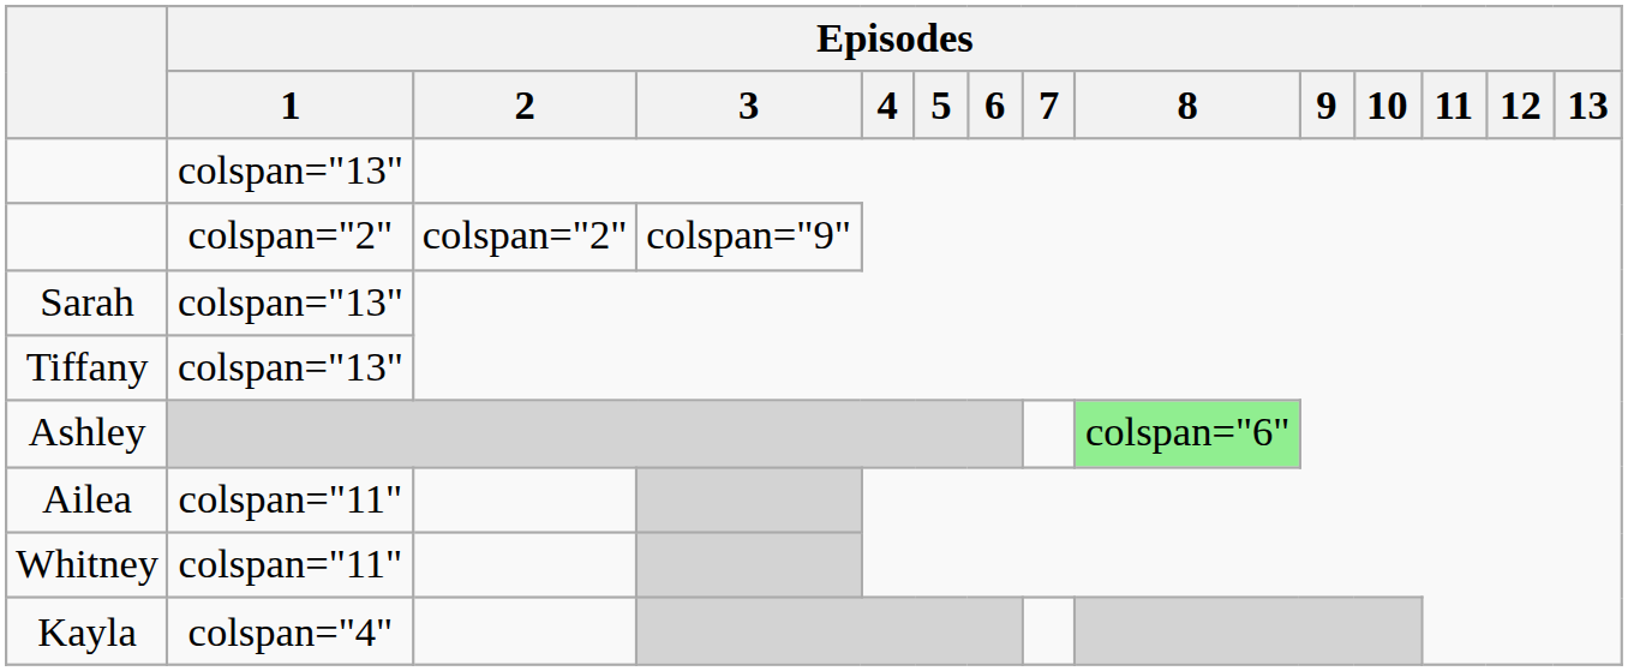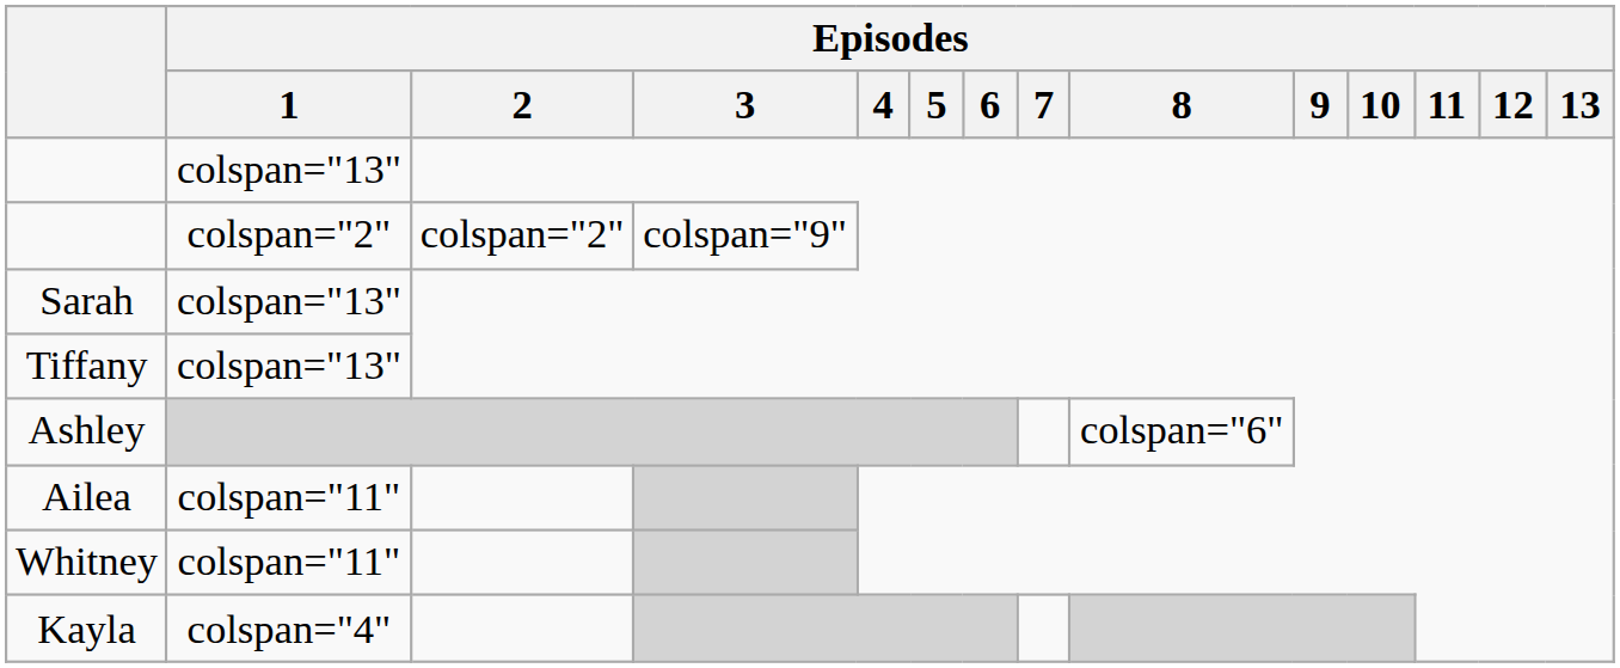 <table class="wikitable plainrowheaders" style="text-align:center; width:100%;">
 <tr>
 <th scope="col" rowspan="2" style="width:5%;"></th>
 <th scope="col" colspan="13">Episodes</th>
 </tr>
 <tr>
 <th scope="col" style="width:5%;">1</th>
 <th scope="col" style="width:5%;">2</th>
 <th scope="col" style="width:5%;">3</th>
 <th scope="col" style="width:5%;">4</th>
 <th scope="col" style="width:5%;">5</th>
 <th scope="col" style="width:5%;">6</th>
 <th scope="col" style="width:5%;">7</th>
 <th scope="col" style="width:5%;">8</th>
 <th scope="col" style="width:5%;">9</th>
 <th scope="col" style="width:5%;">10</th>
 <th scope="col" style="width:5%;">11</th>
 <th scope="col" style="width:5%;">12</th>
 <th scope="col" style="width:5%;">13</th>
 </tr>
 <tr>
 <td scope="row"></td>
 <td>colspan="13" </td>
 </tr>
 <tr>
 <td scope="row"></td>
 <td>colspan="2" </td>
 <td>colspan="2" </td>
 <td>colspan="9" </td>
 </tr>
 <tr>
 <td scope="row">Sarah</td>
 <td>colspan="13" </td>
 </tr>
 <tr>
 <td scope="row">Tiffany</td>
 <td>colspan="13" </td>
 </tr>
 <tr>
 <td scope="row">Ashley</td>
 <td style="background:lightgrey;" colspan="6"></td>
 <td></td>
-<td style="background: lightgreen;">colspan="6" </td>
+<td>colspan="6" </td>
 </tr>
 <tr>
 <td scope="row">Ailea</td>
 <td>colspan="11" </td>
 <td></td>
 <td style="background:lightgrey;" colspan="1"></td>
 </tr>
 <tr>
 <td scope="row">Whitney</td>
 <td>colspan="11" </td>
 <td></td>
 <td style="background:lightgrey;" colspan="1"></td>
 </tr>
 <tr>
 <td scope="row">Kayla</td>
 <td>colspan="4" </td>
 <td></td>
 <td style="background:lightgrey;" colspan="4"></td>
 <td></td>
 <td style="background:lightgrey;" colspan="3"></td>
 </tr>
 </table>
